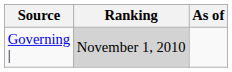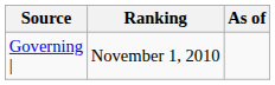 <table class="wikitable" style="text-align:center">
 <tr>
 <th>Source</th>
 <th>Ranking</th>
 <th>As of</th>
 </tr>
 <tr>
 <td style="text-align:left"><a href='#'>Governing</a><br>| </td>
-<td style="background: lightgrey;">November 1, 2010</td>
+<td>November 1, 2010</td>
 </tr>
 </table>
